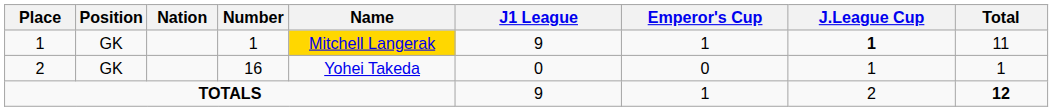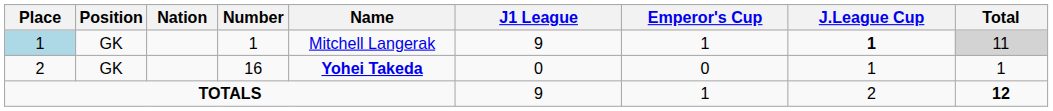 <table class="wikitable" style="font-size: 95%; text-align: center;">
 <tr>
 <th width=60>Place</th>
 <th width=60>Position</th>
 <th width=60>Nation</th>
 <th width=60>Number</th>
 <th width=150>Name</th>
 <th width=150><a href='#'>J1 League</a></th>
 <th width=150><a href='#'>Emperor's Cup</a></th>
 <th width=150><a href='#'>J.League Cup</a></th>
 <th width=80>Total</th>
 </tr>
 <tr>
-<td>1</td>
+<td style="background: lightblue;">1</td>
 <td>GK</td>
 <td></td>
 <td>1</td>
-<td style="background: gold;"><a href='#'>Mitchell Langerak</a></td>
+<td><a href='#'>Mitchell Langerak</a></td>
 <td>9</td>
 <td>1</td>
 <td><strong>1</strong></td>
-<td>11</td>
+<td style="background: lightgrey;">11</td>
 </tr>
 <tr>
 <td>2</td>
 <td>GK</td>
 <td></td>
 <td>16</td>
-<td><a href='#'>Yohei Takeda</a></td>
+<td><strong><a href='#'>Yohei Takeda</a></strong></td>
 <td>0</td>
 <td>0</td>
 <td>1</td>
 <td>1</td>
 </tr>
 <tr>
 <td colspan="5"><strong>TOTALS</strong></td>
 <td>9</td>
 <td>1</td>
 <td>2</td>
 <td><strong>12</strong></td>
 </tr>
 </table>
